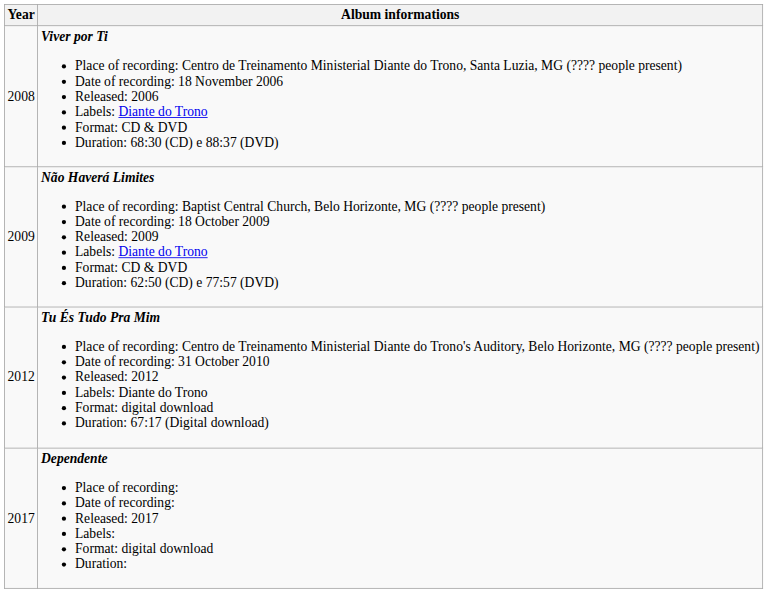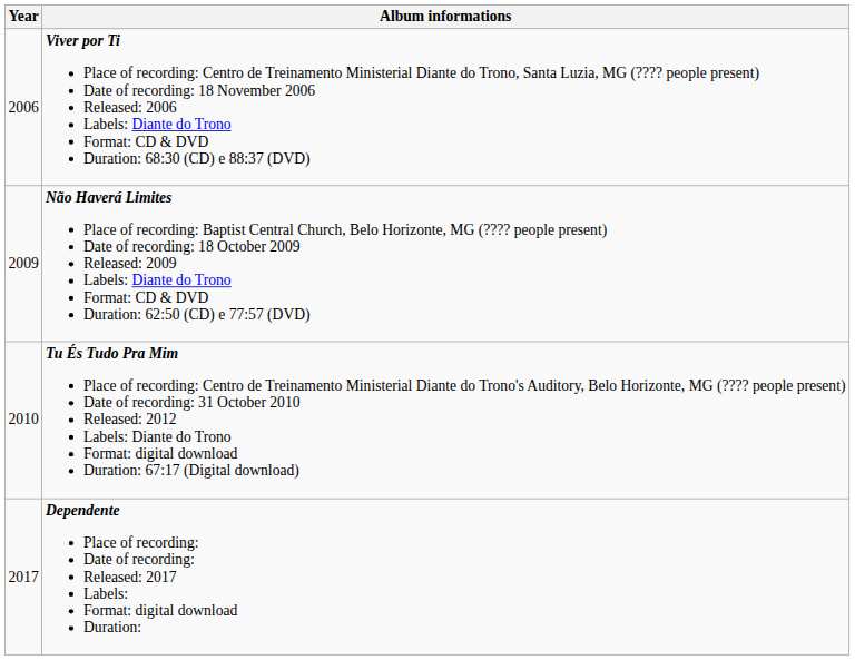 <table class="wikitable">
 <tr>
 <th>Year</th>
 <th>Album informations</th>
 </tr>
 <tr>
-<td>2008</td>
+<td>2006</td>
 <td><strong><em>Viver por Ti</em></strong><br><ul><li>Place of recording: Centro de Treinamento Ministerial Diante do Trono, Santa Luzia, MG (???? people present)</li><li>Date of recording: 18 November 2006</li><li>Released: 2006</li><li>Labels: <a href='#'>Diante do Trono</a></li><li>Format: CD & DVD</li><li>Duration: 68:30 (CD) e 88:37 (DVD)</li></ul></td>
 </tr>
 <tr>
 <td>2009</td>
 <td><strong><em>Não Haverá Limites</em></strong><br><ul><li>Place of recording: Baptist Central Church, Belo Horizonte, MG (???? people present)</li><li>Date of recording: 18 October 2009</li><li>Released: 2009</li><li>Labels: <a href='#'>Diante do Trono</a></li><li>Format: CD & DVD</li><li>Duration: 62:50 (CD) e 77:57 (DVD)</li></ul></td>
 </tr>
 <tr>
-<td>2012</td>
+<td>2010</td>
 <td><strong><em>Tu És Tudo Pra Mim</em></strong><br><ul><li>Place of recording: Centro de Treinamento Ministerial Diante do Trono's Auditory, Belo Horizonte, MG (???? people present)</li><li>Date of recording: 31 October 2010</li><li>Released: 2012</li><li>Labels: Diante do Trono</li><li>Format: digital download</li><li>Duration: 67:17 (Digital download)</li></ul></td>
 </tr>
 <tr>
 <td>2017</td>
 <td><strong><em>Dependente</em></strong><br><ul><li>Place of recording:</li><li>Date of recording:</li><li>Released: 2017</li><li>Labels:</li><li>Format: digital download</li><li>Duration:</li></ul></td>
 </tr>
 </table>
